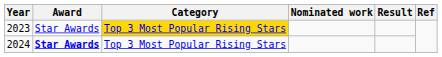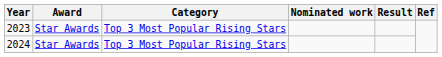 <table class="wikitable sortable">
 <tr>
 <th>Year</th>
 <th>Award</th>
 <th>Category</th>
 <th>Nominated work</th>
 <th>Result</th>
 <th class="unsortable">Ref</th>
 </tr>
 <tr>
 <td>2023</td>
 <td rowspan=1><a href='#'>Star Awards</a></td>
-<td style="background: gold;"><a href='#'>Top 3 Most Popular Rising Stars</a></td>
+<td><a href='#'>Top 3 Most Popular Rising Stars</a></td>
 <td></td>
 <td></td>
 <td rowspan=3></td>
 </tr>
 <tr>
 <td>2024</td>
-<td><strong><a href='#'>Star Awards</a></strong></td>
+<td><a href='#'>Star Awards</a></td>
 <td><a href='#'>Top 3 Most Popular Rising Stars</a></td>
 <td></td>
 <td></td>
 </tr>
 </table>
